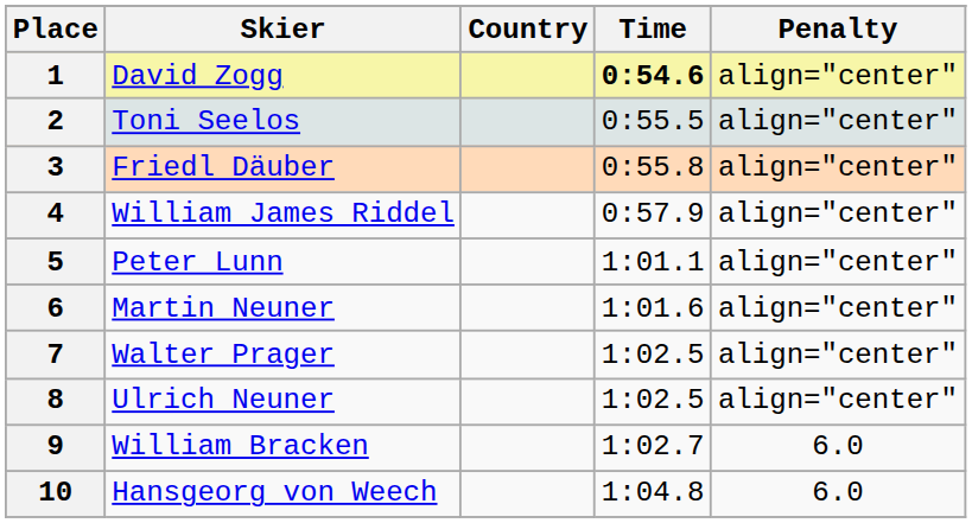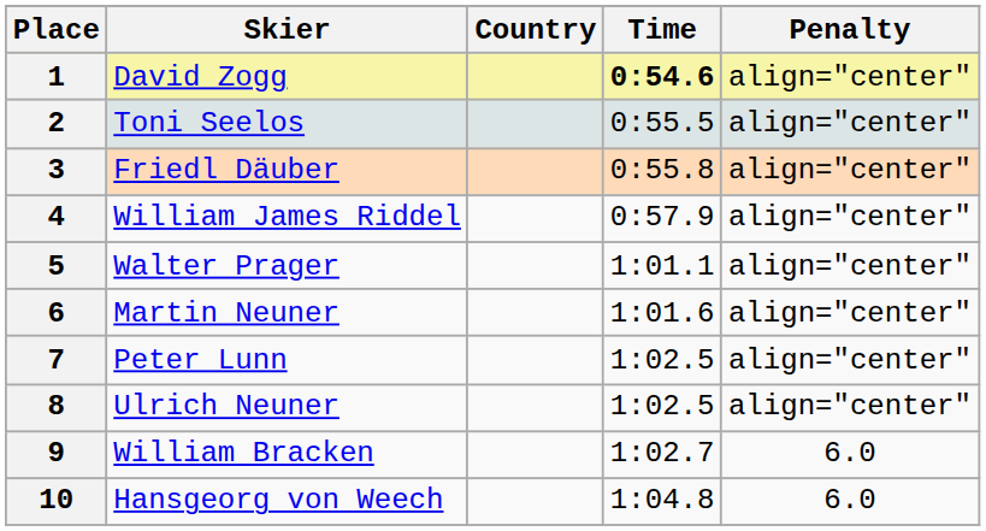 <table class="wikitable sortable">
 <tr>
 </tr>
 <tr class="hintergrundfarbe5">
 </tr>
 <tr style="background:#EFEFEF">
 <th>Place</th>
 <th>Skier</th>
 <th>Country</th>
 <th>Time</th>
 <th>Penalty</th>
 </tr>
 <tr style="background:#F7F6A8">
 <th>1</th>
 <td><a href='#'>David Zogg</a></td>
 <td></td>
 <td align="center"><strong>0:54.6</strong></td>
 <td>align="center"  </td>
 </tr>
 <tr style="background:#DCE5E5">
 <th>2</th>
 <td><a href='#'>Toni Seelos</a></td>
 <td></td>
 <td align="center">0:55.5</td>
 <td>align="center"  </td>
 </tr>
 <tr style="background:#FFDAB9">
 <th>3</th>
 <td><a href='#'>Friedl Däuber</a></td>
 <td></td>
 <td align="center">0:55.8</td>
 <td>align="center"  </td>
 </tr>
 <tr>
 <th>4</th>
 <td><a href='#'>William James Riddel</a></td>
 <td></td>
 <td align="center">0:57.9</td>
 <td>align="center"  </td>
 </tr>
 <tr>
 <th>5</th>
-<td><a href='#'>Peter Lunn</a></td>
+<td><a href='#'>Walter Prager</a></td>
 <td></td>
 <td align="center">1:01.1</td>
 <td>align="center"  </td>
 </tr>
 <tr>
 <th>6</th>
 <td><a href='#'>Martin Neuner</a></td>
 <td></td>
 <td align="center">1:01.6</td>
 <td>align="center"  </td>
 </tr>
 <tr>
 <th>7</th>
-<td><a href='#'>Walter Prager</a></td>
+<td><a href='#'>Peter Lunn</a></td>
 <td></td>
 <td align="center">1:02.5</td>
 <td>align="center"  </td>
 </tr>
 <tr>
 <th>8</th>
 <td><a href='#'>Ulrich Neuner</a></td>
 <td></td>
 <td align="center">1:02.5</td>
 <td>align="center"  </td>
 </tr>
 <tr>
 <th>9</th>
 <td><a href='#'>William Bracken</a></td>
 <td></td>
 <td align="center">1:02.7</td>
 <td align="center">6.0</td>
 </tr>
 <tr>
 <th>10</th>
 <td><a href='#'>Hansgeorg von Weech</a></td>
 <td></td>
 <td align="center">1:04.8</td>
 <td align="center">6.0</td>
 </tr>
 </table>
